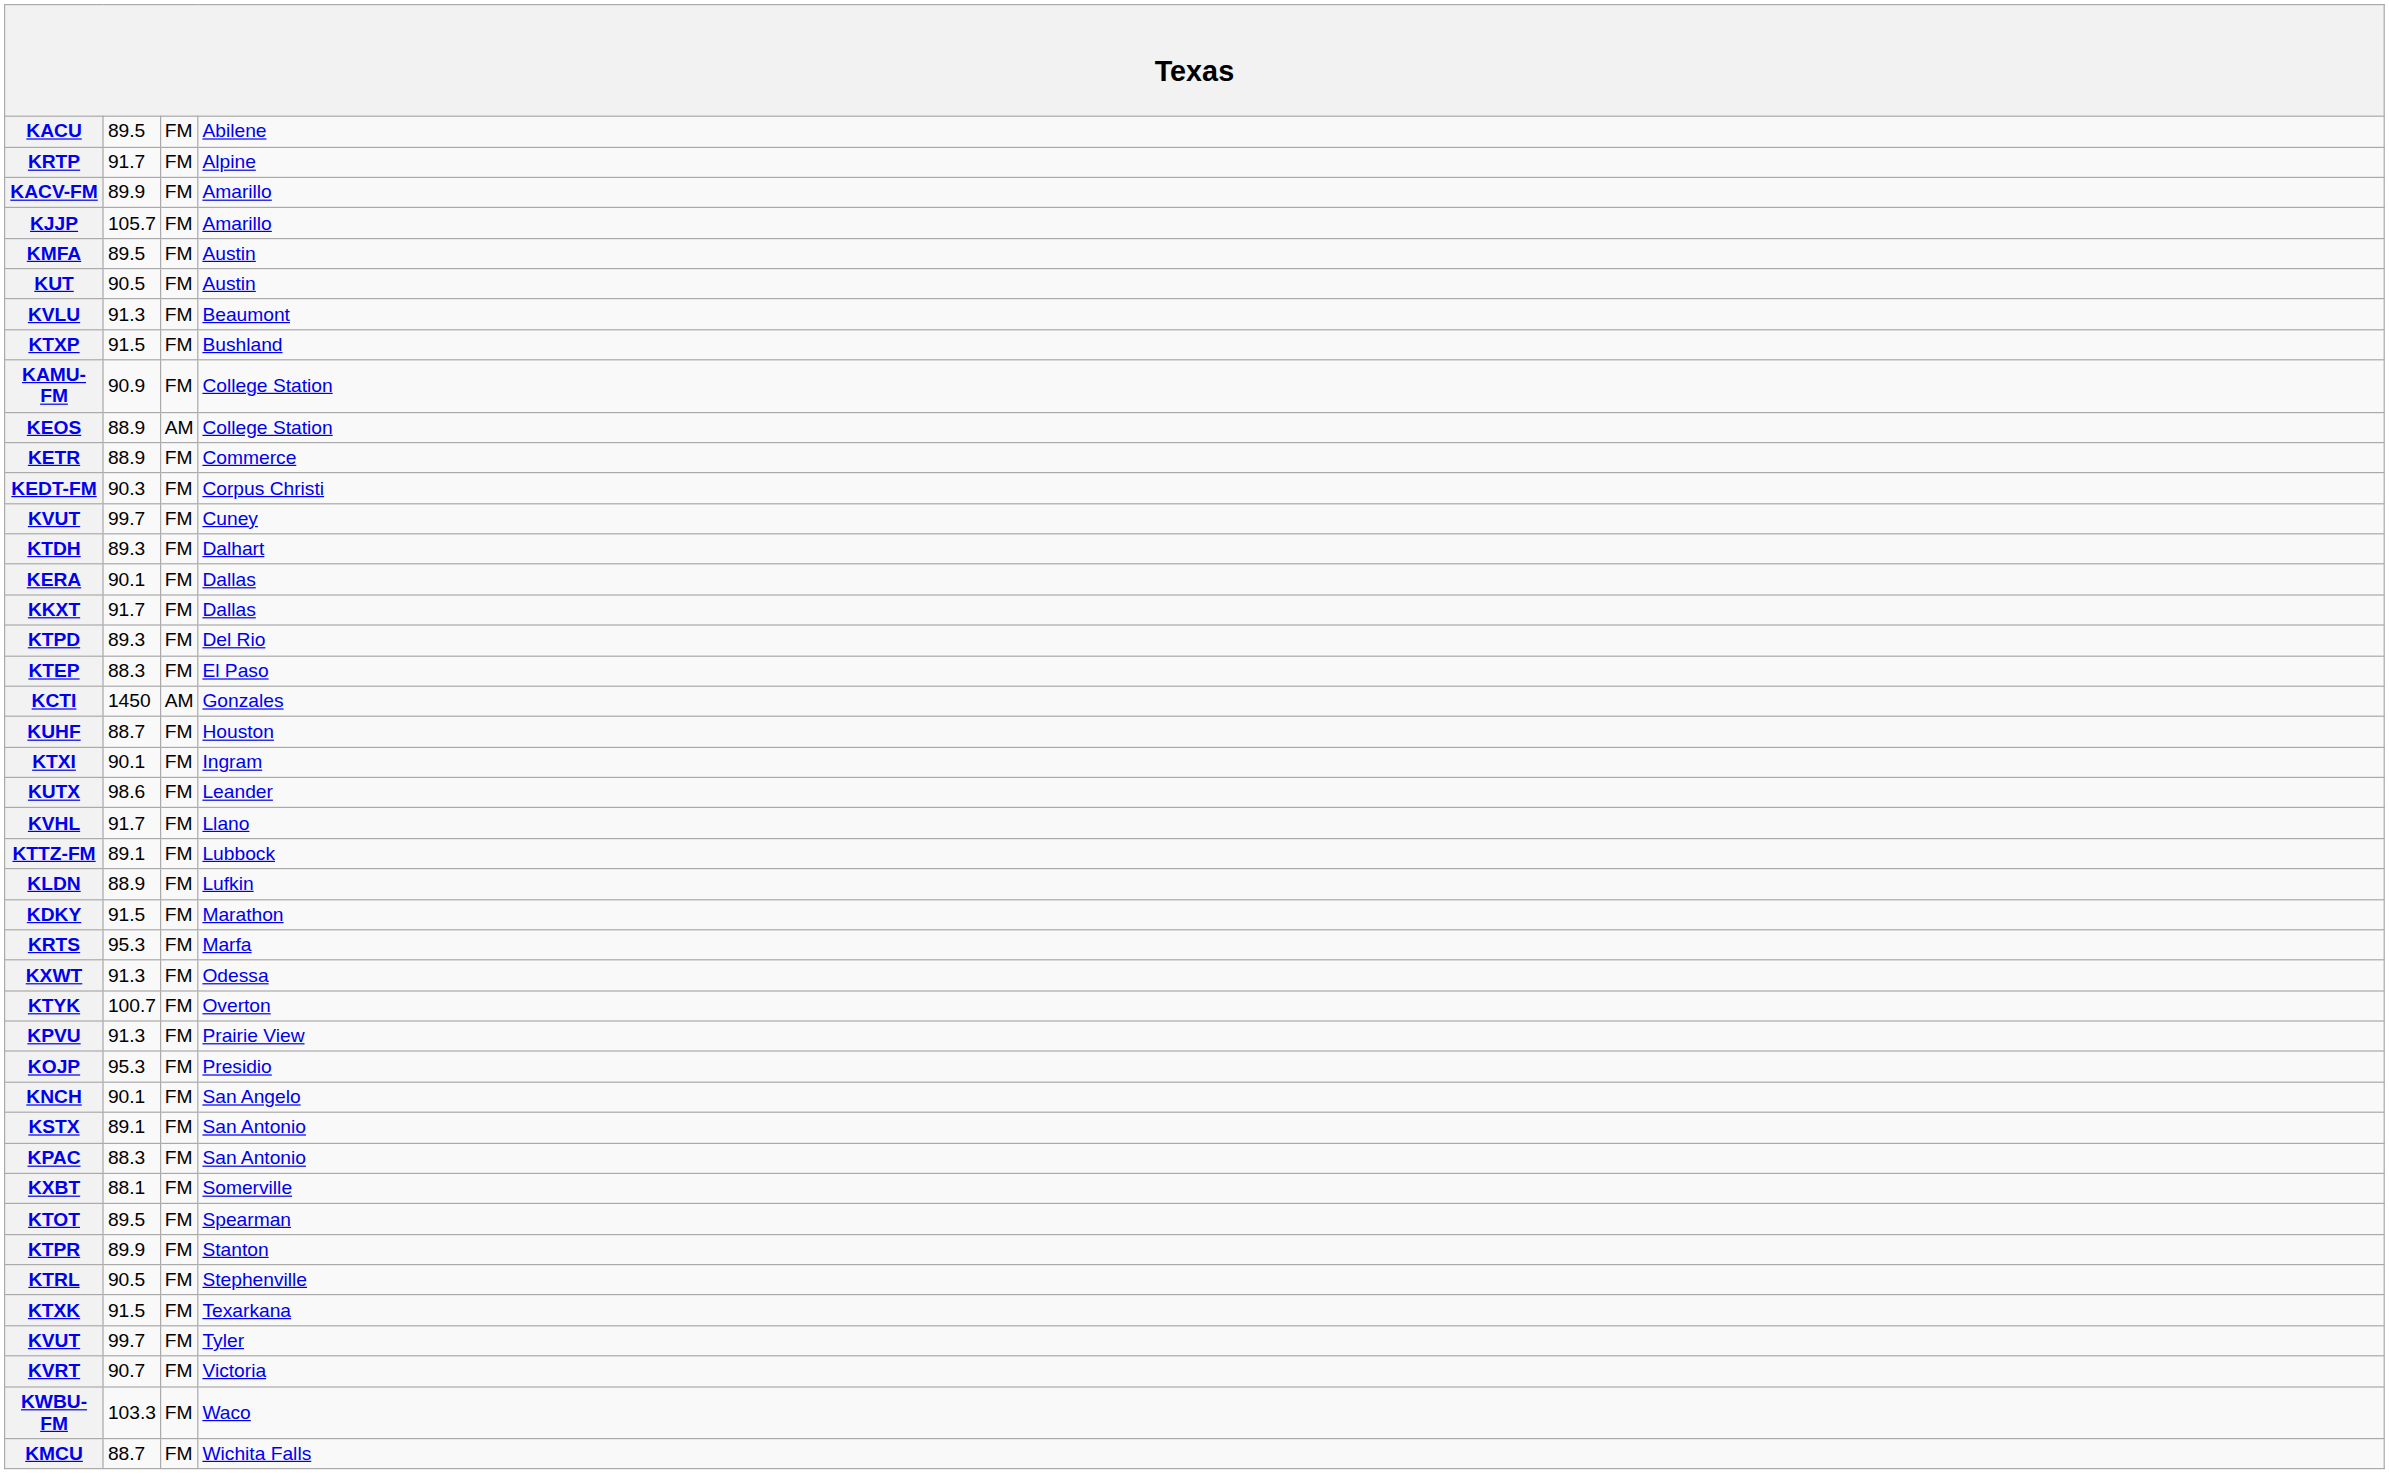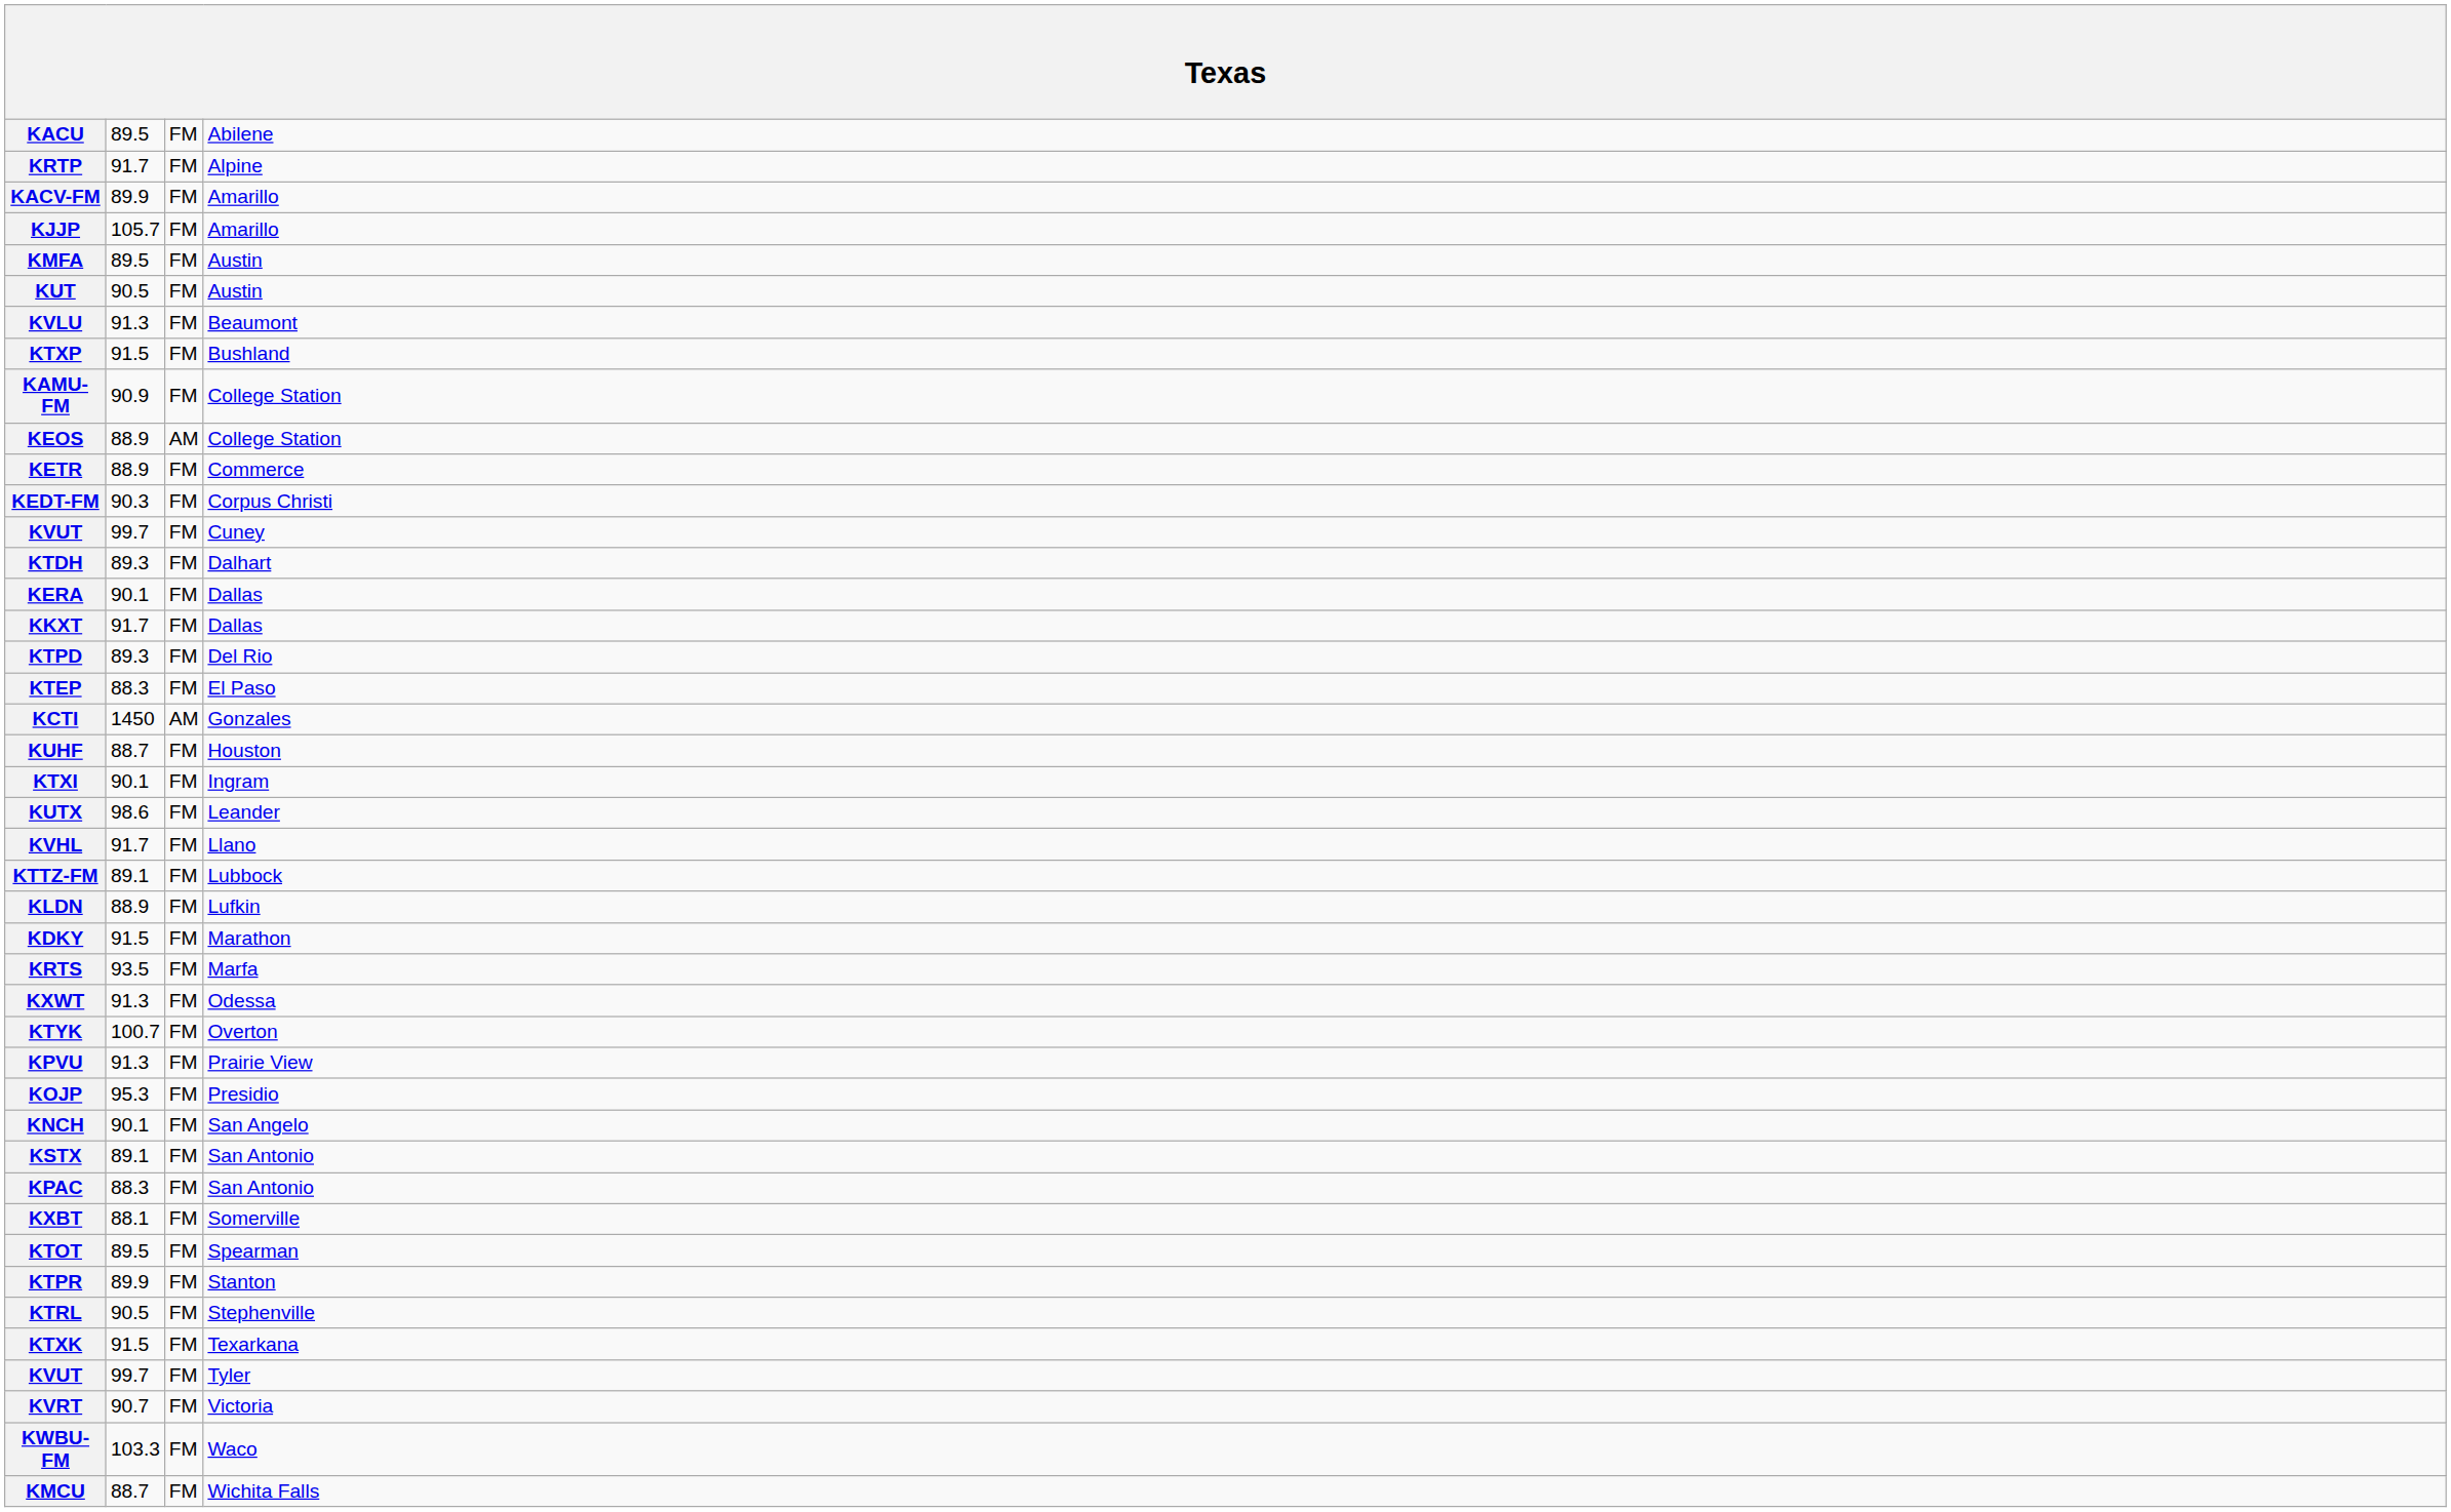 <table class="wikitable mw-collapsible" style="width:100%">
 <tr>
 <th scope="col" colspan="4"><br><h2>Texas</h2></th>
 </tr>
 <tr>
 <th scope="row" style="width: 75px;"><a href='#'>KACU</a></th>
 <td style="width: 40px;">89.5</td>
 <td style="width: 21px;">FM</td>
 <td><a href='#'>Abilene</a></td>
 </tr>
 <tr>
 <th scope="row"><a href='#'>KRTP</a></th>
 <td>91.7</td>
 <td>FM</td>
 <td><a href='#'>Alpine</a></td>
 </tr>
 <tr>
 <th scope="row"><a href='#'>KACV-FM</a></th>
 <td>89.9</td>
 <td>FM</td>
 <td><a href='#'>Amarillo</a></td>
 </tr>
 <tr>
 <th scope="row"><a href='#'>KJJP</a></th>
 <td>105.7</td>
 <td>FM</td>
 <td><a href='#'>Amarillo</a></td>
 </tr>
 <tr>
 <th scope="row"><a href='#'>KMFA</a></th>
 <td>89.5</td>
 <td>FM</td>
 <td><a href='#'>Austin</a></td>
 </tr>
 <tr>
 <th scope="row"><a href='#'>KUT</a></th>
 <td>90.5</td>
 <td>FM</td>
 <td><a href='#'>Austin</a></td>
 </tr>
 <tr>
 <th scope="row"><a href='#'>KVLU</a></th>
 <td>91.3</td>
 <td>FM</td>
 <td><a href='#'>Beaumont</a></td>
 </tr>
 <tr>
 <th scope="row"><a href='#'>KTXP</a></th>
 <td>91.5</td>
 <td>FM</td>
 <td><a href='#'>Bushland</a></td>
 </tr>
 <tr>
 <th scope="row"><a href='#'>KAMU-FM</a></th>
 <td>90.9</td>
 <td>FM</td>
 <td><a href='#'>College Station</a></td>
 </tr>
 <tr>
 <th scope="row"><a href='#'>KEOS</a></th>
 <td>88.9</td>
 <td>AM</td>
 <td><a href='#'>College Station</a></td>
 </tr>
 <tr>
 <th scope="row"><a href='#'>KETR</a></th>
 <td>88.9</td>
 <td>FM</td>
 <td><a href='#'>Commerce</a></td>
 </tr>
 <tr>
 <th scope="row"><a href='#'>KEDT-FM</a></th>
 <td>90.3</td>
 <td>FM</td>
 <td><a href='#'>Corpus Christi</a></td>
 </tr>
 <tr>
 <th scope="row"><a href='#'>KVUT</a></th>
 <td>99.7</td>
 <td>FM</td>
 <td><a href='#'>Cuney</a></td>
 </tr>
 <tr>
 <th scope="row"><a href='#'>KTDH</a></th>
 <td>89.3</td>
 <td>FM</td>
 <td><a href='#'>Dalhart</a></td>
 </tr>
 <tr>
 <th scope="row"><a href='#'>KERA</a></th>
 <td>90.1</td>
 <td>FM</td>
 <td><a href='#'>Dallas</a></td>
 </tr>
 <tr>
 <th scope="row"><a href='#'>KKXT</a></th>
 <td>91.7</td>
 <td>FM</td>
 <td><a href='#'>Dallas</a></td>
 </tr>
 <tr>
 <th scope="row"><a href='#'>KTPD</a></th>
 <td>89.3</td>
 <td>FM</td>
 <td><a href='#'>Del Rio</a></td>
 </tr>
 <tr>
 <th scope="row"><a href='#'>KTEP</a></th>
 <td>88.3</td>
 <td>FM</td>
 <td><a href='#'>El Paso</a></td>
 </tr>
 <tr>
 <th scope="row"><a href='#'>KCTI</a></th>
 <td>1450</td>
 <td>AM</td>
 <td><a href='#'>Gonzales</a></td>
 </tr>
 <tr>
 <th scope="row"><a href='#'>KUHF</a></th>
 <td>88.7</td>
 <td>FM</td>
 <td><a href='#'>Houston</a></td>
 </tr>
 <tr>
 <th scope="row"><a href='#'>KTXI</a></th>
 <td>90.1</td>
 <td>FM</td>
 <td><a href='#'>Ingram</a></td>
 </tr>
 <tr>
 <th scope="row"><a href='#'>KUTX</a></th>
 <td>98.6</td>
 <td>FM</td>
 <td><a href='#'>Leander</a></td>
 </tr>
 <tr>
 <th scope="row"><a href='#'>KVHL</a></th>
 <td>91.7</td>
 <td>FM</td>
 <td><a href='#'>Llano</a></td>
 </tr>
 <tr>
 <th scope="row"><a href='#'>KTTZ-FM</a></th>
 <td>89.1</td>
 <td>FM</td>
 <td><a href='#'>Lubbock</a></td>
 </tr>
 <tr>
 <th scope="row"><a href='#'>KLDN</a></th>
 <td>88.9</td>
 <td>FM</td>
 <td><a href='#'>Lufkin</a></td>
 </tr>
 <tr>
 <th scope="row"><a href='#'>KDKY</a></th>
 <td>91.5</td>
 <td>FM</td>
 <td><a href='#'>Marathon</a></td>
 </tr>
 <tr>
 <th scope="row"><a href='#'>KRTS</a></th>
-<td>95.3</td>
+<td>93.5</td>
 <td>FM</td>
 <td><a href='#'>Marfa</a></td>
 </tr>
 <tr>
 <th scope="row"><a href='#'>KXWT</a></th>
 <td>91.3</td>
 <td>FM</td>
 <td><a href='#'>Odessa</a></td>
 </tr>
 <tr>
 <th scope="row"><a href='#'>KTYK</a></th>
 <td>100.7</td>
 <td>FM</td>
 <td><a href='#'>Overton</a></td>
 </tr>
 <tr>
 <th scope="row"><a href='#'>KPVU</a></th>
 <td>91.3</td>
 <td>FM</td>
 <td><a href='#'>Prairie View</a></td>
 </tr>
 <tr>
 <th scope="row"><a href='#'>KOJP</a></th>
 <td>95.3</td>
 <td>FM</td>
 <td><a href='#'>Presidio</a></td>
 </tr>
 <tr>
 <th scope="row"><a href='#'>KNCH</a></th>
 <td>90.1</td>
 <td>FM</td>
 <td><a href='#'>San Angelo</a></td>
 </tr>
 <tr>
 <th scope="row"><a href='#'>KSTX</a></th>
 <td>89.1</td>
 <td>FM</td>
 <td><a href='#'>San Antonio</a></td>
 </tr>
 <tr>
 <th scope="row"><a href='#'>KPAC</a></th>
 <td>88.3</td>
 <td>FM</td>
 <td><a href='#'>San Antonio</a></td>
 </tr>
 <tr>
 <th scope="row"><a href='#'>KXBT</a></th>
 <td>88.1</td>
 <td>FM</td>
 <td><a href='#'>Somerville</a></td>
 </tr>
 <tr>
 <th scope="row"><a href='#'>KTOT</a></th>
 <td>89.5</td>
 <td>FM</td>
 <td><a href='#'>Spearman</a></td>
 </tr>
 <tr>
 <th scope="row"><a href='#'>KTPR</a></th>
 <td>89.9</td>
 <td>FM</td>
 <td><a href='#'>Stanton</a></td>
 </tr>
 <tr>
 <th scope="row"><a href='#'>KTRL</a></th>
 <td>90.5</td>
 <td>FM</td>
 <td><a href='#'>Stephenville</a></td>
 </tr>
 <tr>
 <th scope="row"><a href='#'>KTXK</a></th>
 <td>91.5</td>
 <td>FM</td>
 <td><a href='#'>Texarkana</a></td>
 </tr>
 <tr>
 <th scope="row"><a href='#'>KVUT</a></th>
 <td>99.7</td>
 <td>FM</td>
 <td><a href='#'>Tyler</a></td>
 </tr>
 <tr>
 <th scope="row"><a href='#'>KVRT</a></th>
 <td>90.7</td>
 <td>FM</td>
 <td><a href='#'>Victoria</a></td>
 </tr>
 <tr>
 <th scope="row"><a href='#'>KWBU-FM</a></th>
 <td>103.3</td>
 <td>FM</td>
 <td><a href='#'>Waco</a></td>
 </tr>
 <tr>
 <th scope="row"><a href='#'>KMCU</a></th>
 <td>88.7</td>
 <td>FM</td>
 <td><a href='#'>Wichita Falls</a></td>
 </tr>
 </table>
